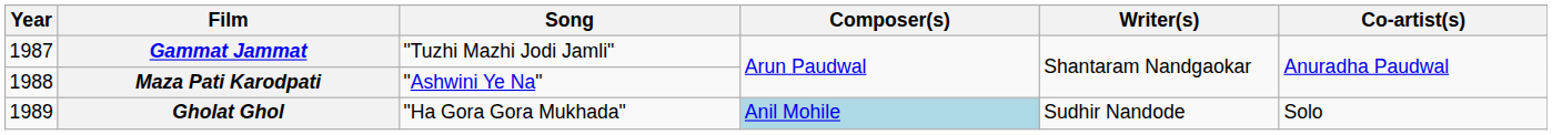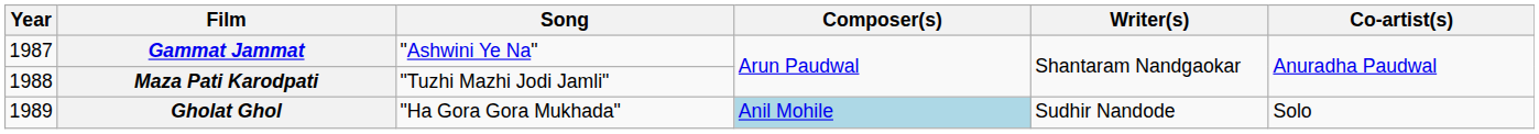 <table class="wikitable plainrowheaders" width="100%" textcolor:#000;">
 <tr style="background:#b0e0e66;">
 <th><strong>Year</strong></th>
 <th scope="col" width=23%><strong>Film</strong></th>
 <th scope="col" width=23%><strong>Song</strong></th>
 <th scope="col" width=20%><strong>Composer(s)</strong></th>
 <th scope="col" width=16%><strong>Writer(s)</strong></th>
 <th scope="col" width=18%><strong>Co-artist(s)</strong></th>
 </tr>
 <tr>
 <td>1987</td>
 <th><em><a href='#'>Gammat Jammat</a></em></th>
-<td>"Tuzhi Mazhi Jodi Jamli"</td>
+<td>"<a href='#'>Ashwini Ye Na</a>"</td>
 <td rowspan="2"><a href='#'>Arun Paudwal</a></td>
 <td rowspan="2">Shantaram Nandgaokar</td>
 <td rowspan="2"><a href='#'>Anuradha Paudwal</a></td>
 </tr>
 <tr>
 <td>1988</td>
 <th><em>Maza Pati Karodpati</em></th>
-<td>"<a href='#'>Ashwini Ye Na</a>"</td>
+<td>"Tuzhi Mazhi Jodi Jamli"</td>
 </tr>
 <tr>
 <td>1989</td>
 <th><em>Gholat Ghol</em></th>
 <td>"Ha Gora Gora Mukhada"</td>
 <td style="background: lightblue;"><a href='#'>Anil Mohile</a></td>
 <td>Sudhir Nandode</td>
 <td>Solo</td>
 </tr>
 </table>
